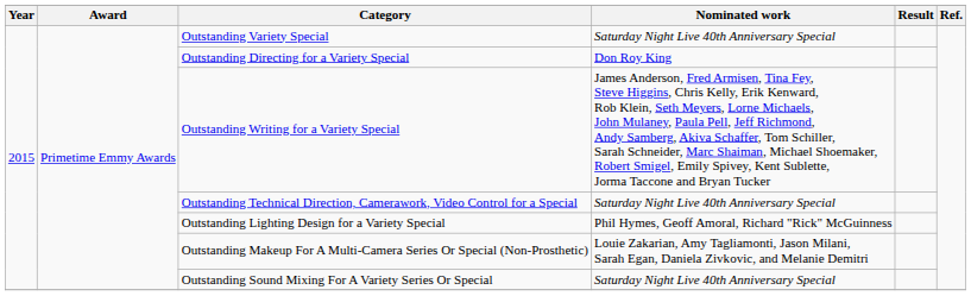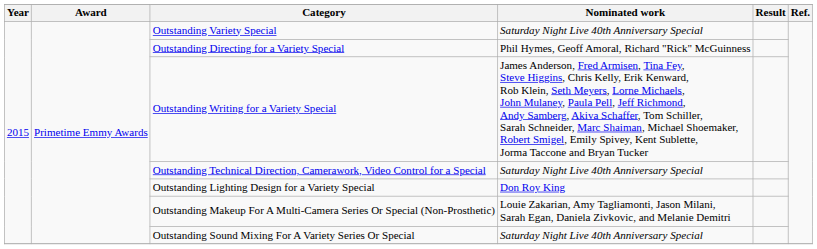 <table class="wikitable unsortable">
 <tr align="center">
 </tr>
 <tr>
 <th>Year</th>
 <th>Award</th>
 <th>Category</th>
 <th>Nominated work</th>
 <th>Result</th>
 <th>Ref.</th>
 </tr>
 <tr>
 <td rowspan=7><a href='#'>2015</a></td>
 <td rowspan=7><a href='#'>Primetime Emmy Awards</a></td>
 <td><a href='#'>Outstanding Variety Special</a></td>
 <td><em>Saturday Night Live 40th Anniversary Special</em></td>
 <td></td>
 <td rowspan=7></td>
 </tr>
 <tr>
 <td><a href='#'>Outstanding Directing for a Variety Special</a></td>
-<td><a href='#'>Don Roy King</a></td>
+<td>Phil Hymes, Geoff Amoral, Richard "Rick" McGuinness</td>
 <td></td>
 </tr>
 <tr>
 <td><a href='#'>Outstanding Writing for a Variety Special</a></td>
 <td>James Anderson, <a href='#'>Fred Armisen</a>, <a href='#'>Tina Fey</a>, <br> <a href='#'>Steve Higgins</a>, Chris Kelly, Erik Kenward, <br> Rob Klein, <a href='#'>Seth Meyers</a>, <a href='#'>Lorne Michaels</a>, <br> <a href='#'>John Mulaney</a>, <a href='#'>Paula Pell</a>, <a href='#'>Jeff Richmond</a>, <br> <a href='#'>Andy Samberg</a>, <a href='#'>Akiva Schaffer</a>, Tom Schiller, <br> Sarah Schneider, <a href='#'>Marc Shaiman</a>, Michael Shoemaker, <br> <a href='#'>Robert Smigel</a>, Emily Spivey, Kent Sublette, <br> Jorma Taccone and Bryan Tucker</td>
 <td></td>
 </tr>
 <tr>
 <td><a href='#'>Outstanding Technical Direction, Camerawork, Video Control for a Special</a></td>
 <td rowspan=1><em>Saturday Night Live 40th Anniversary Special</em></td>
 <td></td>
 </tr>
 <tr>
 <td>Outstanding Lighting Design for a Variety Special</td>
-<td>Phil Hymes, Geoff Amoral, Richard "Rick" McGuinness</td>
+<td><a href='#'>Don Roy King</a></td>
 <td></td>
 </tr>
 <tr>
 <td>Outstanding Makeup For A Multi-Camera Series Or Special (Non-Prosthetic)</td>
 <td>Louie Zakarian, Amy Tagliamonti, Jason Milani, <br> Sarah Egan, Daniela Zivkovic, and Melanie Demitri</td>
 <td></td>
 </tr>
 <tr>
 <td>Outstanding Sound Mixing For A Variety Series Or Special</td>
 <td rowspan=1><em>Saturday Night Live 40th Anniversary Special</em></td>
 <td></td>
 </tr>
 <tr>
 </tr>
 </table>
